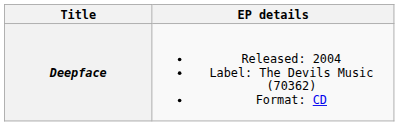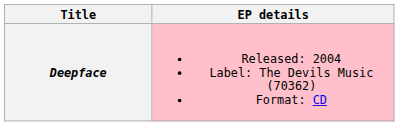 <table class="wikitable plainrowheaders" style="text-align:center;">
 <tr>
 <th scope="col" style="width:12em;">Title</th>
 <th scope="col" style="width:20em;">EP details</th>
 </tr>
 <tr>
 <th scope="row"><em>Deepface</em></th>
-<td><br><ul><li>Released: 2004</li><li>Label: The Devils Music (70362)</li><li>Format: <a href='#'>CD</a></li></ul></td>
+<td style="background: pink;"><br><ul><li>Released: 2004</li><li>Label: The Devils Music (70362)</li><li>Format: <a href='#'>CD</a></li></ul></td>
 </tr>
 </table>
